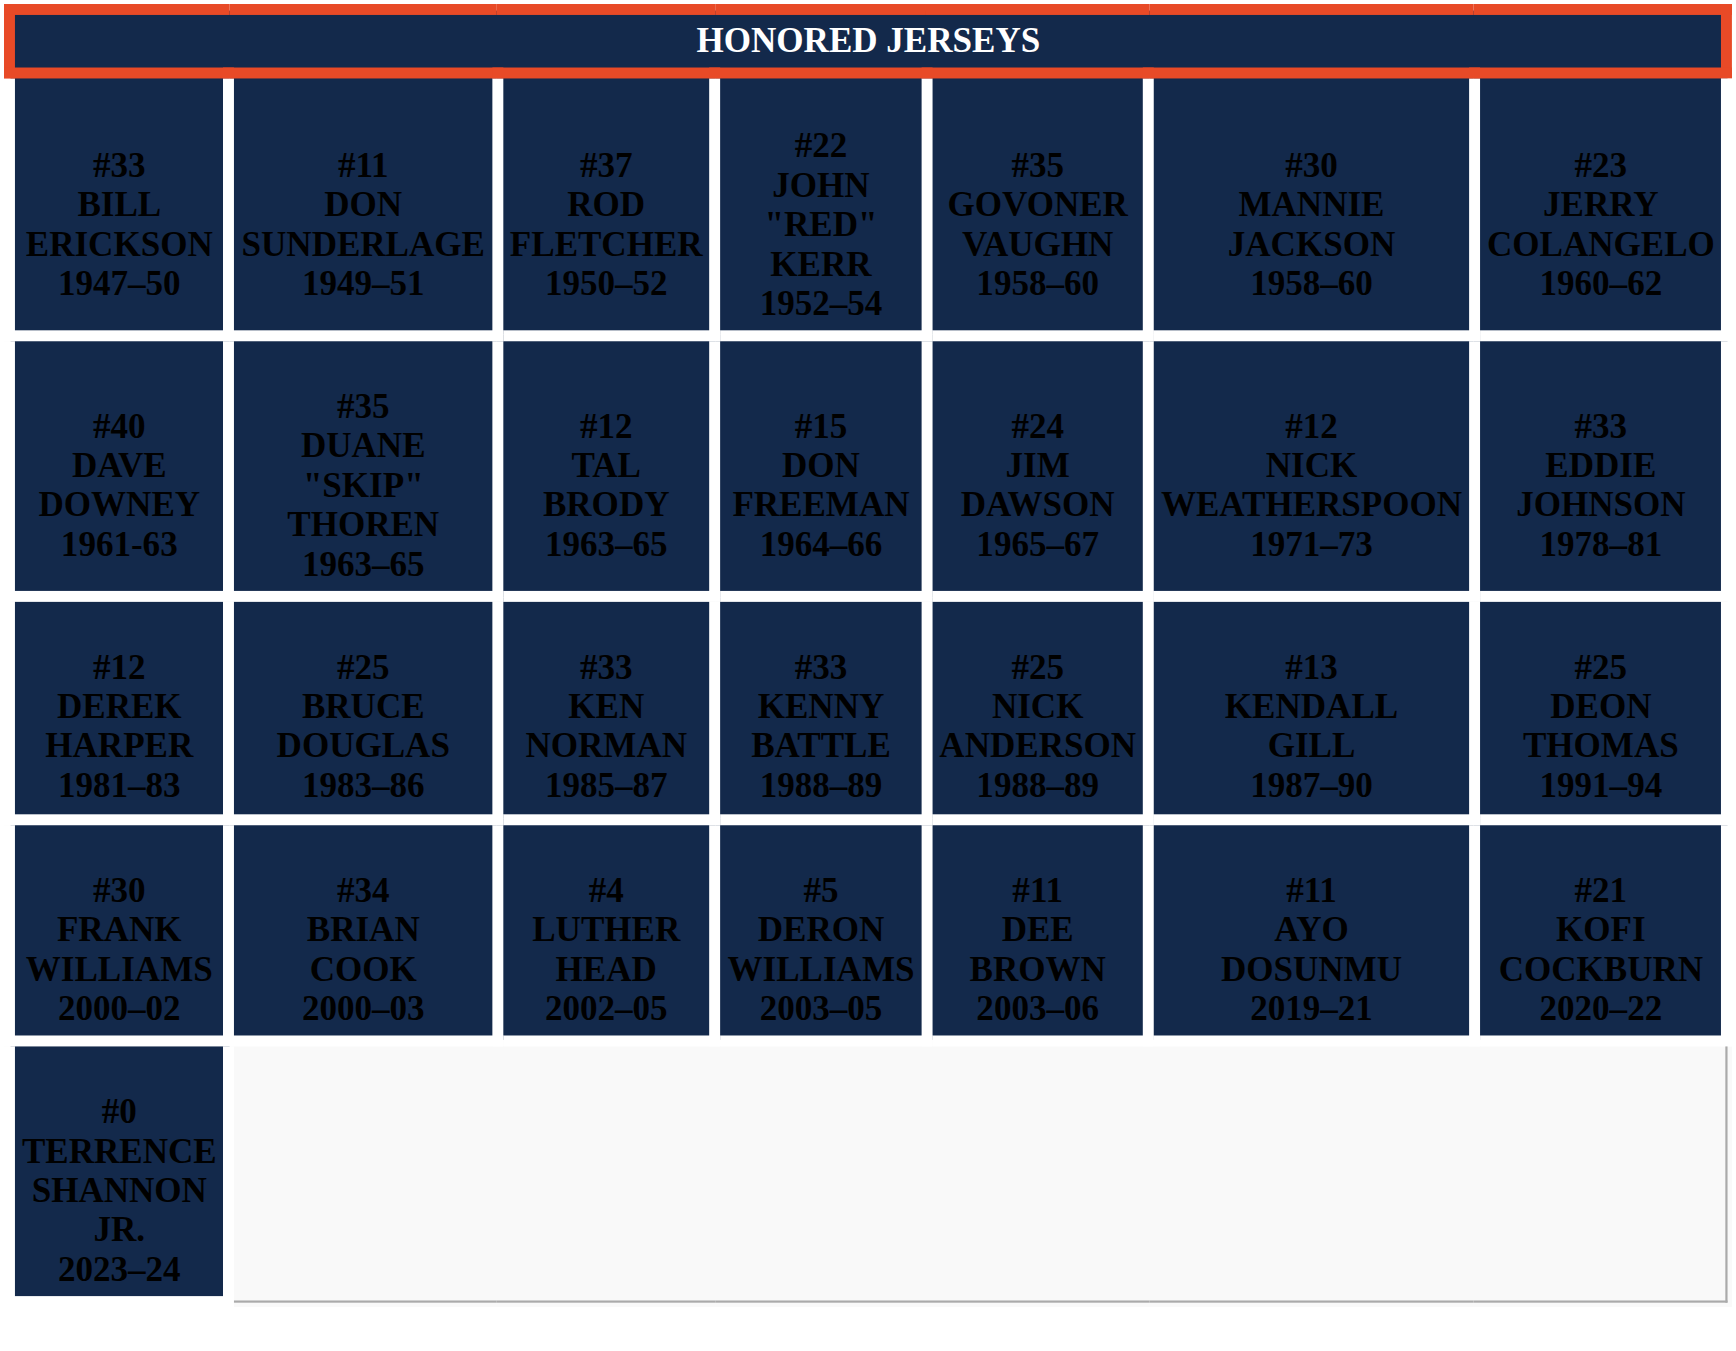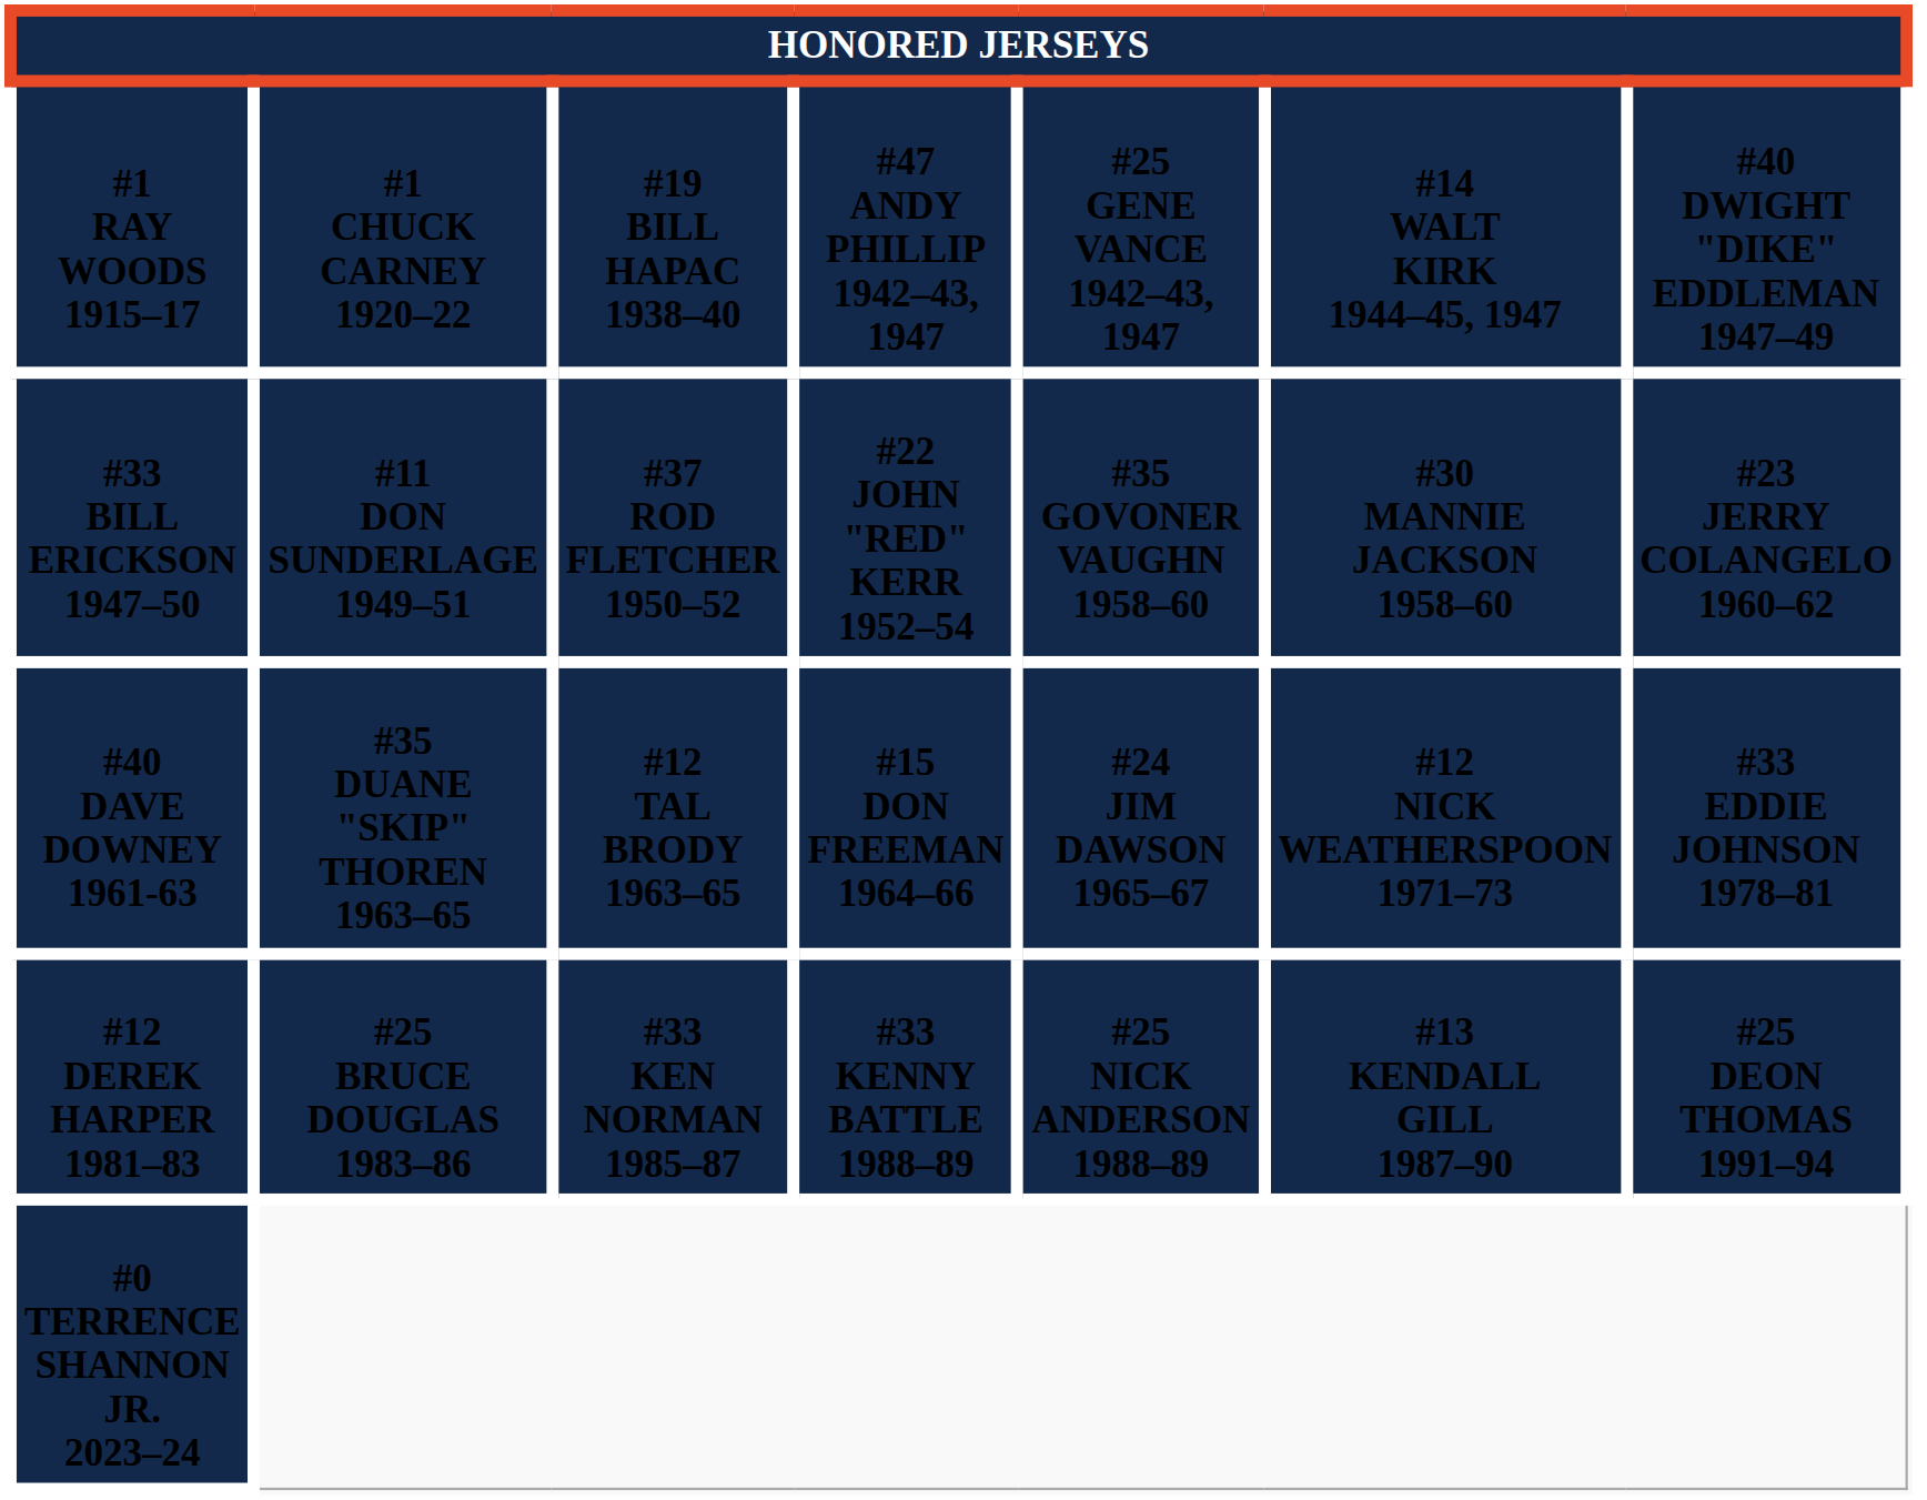 <table class="wikitable">
 <tr>
 <th colspan="7" style="background: #13294B; border: 5px #E84A27 solid; color: #FFFFFF;">HONORED JERSEYS</th>
+</tr>
+<tr style="background: #13294B; text-align:center; font-weight:bold;">
+<td style="width: 10em; border: 5px #FFFFFF solid;"><br><span>#1</span> <br> <span>RAY</span> <br>  <span>WOODS</span> <br>  <span>1915–17</span></td>
+<td style="width: 10em; border: 5px #FFFFFF solid;"><br><span>#1</span> <br> <span>CHUCK</span> <br>  <span>CARNEY</span> <br>  <span>1920–22</span></td>
+<td style="width: 10em; border: 5px #FFFFFF solid;"><br><span>#19</span> <br> <span>BILL</span> <br>  <span>HAPAC</span> <br>  <span>1938–40</span></td>
+<td style="width: 10em; border: 5px #FFFFFF solid;"><br><span>#47</span> <br> <span>ANDY</span> <br>  <span>PHILLIP</span> <br>  <span>1942–43, 1947</span></td>
+<td style="width: 10em; border: 5px #FFFFFF solid;"><br><span>#25</span> <br> <span>GENE</span> <br>  <span>VANCE</span> <br>  <span>1942–43, 1947</span></td>
+<td style="width: 10em; border: 5px #FFFFFF solid;"><br><span>#14</span> <br> <span>WALT</span> <br>  <span>KIRK</span> <br>  <span>1944–45, 1947</span></td>
+<td style="width: 10em; border: 5px #FFFFFF solid;"><br><span>#40</span> <br> <span>DWIGHT "DIKE"</span> <br>  <span>EDDLEMAN</span> <br>  <span>1947–49</span></td>
 </tr>
 <tr style="background: #13294B; text-align:center; font-weight:bold;">
 <td style="width: 10em; border: 5px #FFFFFF solid;"><br><span>#33</span> <br> <span>BILL</span> <br>  <span>ERICKSON</span> <br>  <span>1947–50</span></td>
 <td style="width: 10em; border: 5px #FFFFFF solid;"><br><span>#11</span> <br> <span>DON</span> <br>  <span>SUNDERLAGE</span> <br>  <span>1949–51</span></td>
 <td style="width: 10em; border: 5px #FFFFFF solid;"><br><span>#37</span> <br> <span>ROD</span> <br>  <span>FLETCHER</span> <br>  <span>1950–52</span></td>
 <td style="width: 10em; border: 5px #FFFFFF solid;"><br><span>#22</span> <br> <span>JOHN "RED"</span> <br>  <span>KERR</span> <br>  <span>1952–54</span></td>
 <td style="width: 10em; border: 5px #FFFFFF solid;"><br><span>#35</span> <br> <span>GOVONER</span> <br>  <span>VAUGHN</span> <br>  <span>1958–60</span></td>
 <td style="width: 10em; border: 5px #FFFFFF solid;"><br><span>#30</span> <br> <span>MANNIE</span> <br>  <span>JACKSON</span> <br>  <span>1958–60</span></td>
 <td style="width: 10em; border: 5px #FFFFFF solid;"><br><span>#23</span> <br> <span>JERRY</span> <br>  <span>COLANGELO</span> <br>  <span>1960–62</span></td>
 </tr>
 <tr style="background: #13294B; text-align:center; font-weight:bold;">
 <td style="width: 10em; border: 5px #FFFFFF solid;"><br><span>#40</span> <br> <span>DAVE</span> <br>  <span>DOWNEY</span> <br>  <span>1961-63</span></td>
 <td style="width: 10em; border: 5px #FFFFFF solid;"><br><span>#35</span> <br> <span>DUANE "SKIP"</span> <br>  <span>THOREN</span> <br>  <span>1963–65</span></td>
 <td style="width: 10em; border: 5px #FFFFFF solid;"><br><span>#12</span> <br> <span>TAL</span> <br>  <span>BRODY</span> <br>  <span>1963–65</span></td>
 <td style="width: 10em; border: 5px #FFFFFF solid;"><br><span>#15</span> <br> <span>DON</span> <br>  <span>FREEMAN</span> <br>  <span>1964–66</span></td>
 <td style="width: 10em; border: 5px #FFFFFF solid;"><br><span>#24</span> <br> <span>JIM</span> <br>  <span>DAWSON</span> <br>  <span>1965–67</span></td>
 <td style="width: 10em; border: 5px #FFFFFF solid;"><br><span>#12</span> <br> <span>NICK</span> <br>  <span>WEATHERSPOON</span> <br>  <span>1971–73</span></td>
 <td style="width: 10em; border: 5px #FFFFFF solid;"><br><span>#33</span> <br> <span>EDDIE</span> <br>  <span>JOHNSON</span> <br>  <span>1978–81</span></td>
 </tr>
 <tr style="background: #13294B; text-align:center; font-weight:bold;">
 <td style="width: 10em; border: 5px #FFFFFF solid;"><br><span>#12</span> <br> <span>DEREK</span> <br>  <span>HARPER</span> <br>  <span>1981–83</span></td>
 <td style="width: 10em; border: 5px #FFFFFF solid;"><br><span>#25</span> <br> <span>BRUCE</span> <br>  <span>DOUGLAS</span> <br>  <span>1983–86</span></td>
 <td style="width: 10em; border: 5px #FFFFFF solid;"><br><span>#33</span> <br> <span>KEN</span> <br>  <span>NORMAN</span> <br>  <span>1985–87</span></td>
 <td style="width: 10em; border: 5px #FFFFFF solid;"><br><span>#33</span> <br> <span>KENNY</span> <br>  <span>BATTLE</span> <br>  <span>1988–89</span></td>
 <td style="width: 10em; border: 5px #FFFFFF solid;"><br><span>#25</span> <br> <span>NICK</span> <br>  <span>ANDERSON</span> <br>  <span>1988–89</span></td>
 <td style="width: 10em; border: 5px #FFFFFF solid;"><br><span>#13</span> <br> <span>KENDALL</span> <br>  <span>GILL</span> <br>  <span>1987–90</span></td>
 <td style="width: 10em; border: 5px #FFFFFF solid;"><br><span>#25</span> <br> <span>DEON</span> <br>  <span>THOMAS</span> <br>  <span>1991–94</span></td>
 </tr>
 <tr style="background: #13294B; text-align:center; font-weight:bold;">
-<td style="width: 10em; border: 5px #FFFFFF solid;"><br><span>#30</span> <br> <span>FRANK</span> <br>  <span>WILLIAMS</span> <br>  <span>2000–02</span></td>
-<td style="width: 10em; border: 5px #FFFFFF solid;"><br><span>#34</span> <br> <span>BRIAN</span> <br>  <span>COOK</span> <br>  <span>2000–03</span></td>
-<td style="width: 10em; border: 5px #FFFFFF solid;"><br><span>#4</span> <br> <span>LUTHER</span> <br>  <span>HEAD</span> <br>  <span>2002–05</span></td>
-<td style="width: 10em; border: 5px #FFFFFF solid;"><br><span>#5</span> <br> <span>DERON</span> <br>  <span>WILLIAMS</span> <br>  <span>2003–05</span></td>
-<td style="width: 10em; border: 5px #FFFFFF solid;"><br><span>#11</span> <br> <span>DEE</span> <br>  <span>BROWN</span> <br>  <span>2003–06</span></td>
-<td style="width: 10em; border: 5px #FFFFFF solid;"><br><span>#11</span> <br> <span>AYO</span> <br>  <span>DOSUNMU</span> <br>  <span>2019–21</span></td>
-<td style="width: 10em; border: 5px #FFFFFF solid;"><br><span>#21</span> <br> <span>KOFI</span> <br>  <span>COCKBURN</span> <br>  <span>2020–22</span></td>
-</tr>
-<tr style="background: #13294B; text-align:center; font-weight:bold;">
 <td style="width: 10em; border: 5px #FFFFFF solid;"><br><span>#0</span> <br> <span>TERRENCE</span> <br>  <span>SHANNON JR.</span> <br>  <span>2023–24</span></td>
 </tr>
 </table>
